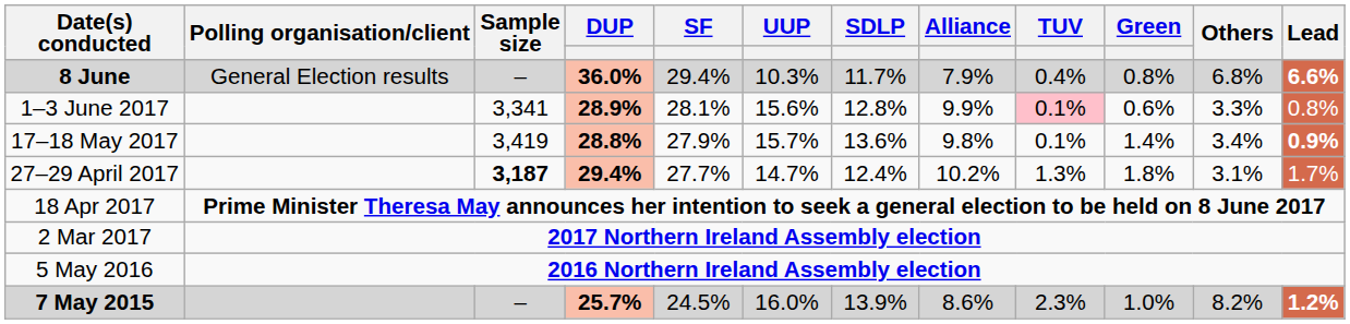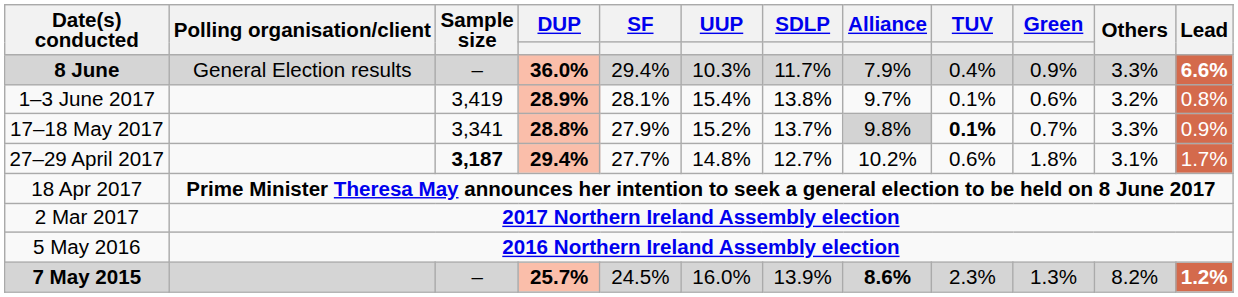 <table class="wikitable sortable mw-datatable" style="text-align:center;font-size:90%;line-height:14px;">
 <tr>
 <th rowspan="2">Date(s)<br>conducted</th>
 <th rowspan="2">Polling organisation/client</th>
 <th rowspan="2">Sample<br>size</th>
 <th style="width:50px;" class="unsortable"><a href='#'>DUP</a></th>
 <th style="width:50px;" class="unsortable"><a href='#'>SF</a></th>
 <th style="width:50px;" class="unsortable"><a href='#'>UUP</a></th>
 <th style="width:50px;" class="unsortable"><a href='#'>SDLP</a></th>
 <th style="width:50px;" class="unsortable"><a href='#'>Alliance</a></th>
 <th style="width:50px;" class="unsortable"><a href='#'>TUV</a></th>
 <th style="width:50px;" class="unsortable"><a href='#'>Green</a></th>
 <th style="width:50px;" rowspan="2" class="unsortable">Others</th>
 <th class="unsortable" style="width:20px;" rowspan="2">Lead</th>
 </tr>
 <tr>
 <th class="unsortable" style="color:inherit;background:"></th>
 <th class="unsortable" style="color:inherit;background:"></th>
 <th class="unsortable" style="color:inherit;background:"></th>
 <th class="unsortable" style="color:inherit;background:"></th>
 <th class="unsortable" style="color:inherit;background:"></th>
 <th class="unsortable" style="color:inherit;background:"></th>
 <th class="unsortable" style="color:inherit;background:"></th>
 </tr>
 <tr>
 <td style="background:#D5D5D5"><strong>8 June</strong></td>
 <td style="background:#D5D5D5">General Election results</td>
 <td style="background:#D5D5D5">–</td>
 <td style="background:#FABEAA"><strong>36.0%</strong></td>
 <td style="background:#D5D5D5">29.4%</td>
 <td style="background:#D5D5D5">10.3%</td>
 <td style="background:#D5D5D5">11.7%</td>
 <td style="background:#D5D5D5">7.9%</td>
 <td style="background:#D5D5D5">0.4%</td>
-<td style="background:#D5D5D5">0.8%</td>
-<td style="background:#D5D5D5">6.8%</td>
+<td style="background:#D5D5D5">0.9%</td>
+<td style="background:#D5D5D5">3.3%</td>
 <td style="background:#D46A4C; color:white;"><strong>6.6%</strong></td>
 </tr>
 <tr>
 <td>1–3 June 2017</td>
 <td></td>
-<td>3,341</td>
+<td>3,419</td>
 <td style="background:#FABEAA"><strong>28.9%</strong></td>
 <td>28.1%</td>
-<td>15.6%</td>
-<td>12.8%</td>
-<td>9.9%</td>
-<td style="background: pink;">0.1%</td>
+<td>15.4%</td>
+<td>13.8%</td>
+<td>9.7%</td>
+<td>0.1%</td>
 <td>0.6%</td>
-<td>3.3%</td>
+<td>3.2%</td>
 <td style="background:#D46A4C; color:white;">0.8%</td>
 </tr>
 <tr>
 <td>17–18 May 2017</td>
 <td></td>
-<td>3,419</td>
+<td>3,341</td>
 <td style="background:#FABEAA"><strong>28.8%</strong></td>
 <td>27.9%</td>
-<td>15.7%</td>
-<td>13.6%</td>
-<td>9.8%</td>
-<td>0.1%</td>
-<td>1.4%</td>
-<td>3.4%</td>
-<td style="background:#D46A4C; color:white;"><strong>0.9%</strong></td>
+<td>15.2%</td>
+<td>13.7%</td>
+<td style="background: lightgrey;">9.8%</td>
+<td><strong>0.1%</strong></td>
+<td>0.7%</td>
+<td>3.3%</td>
+<td style="background:#D46A4C; color:white;">0.9%</td>
 </tr>
 <tr>
 <td>27–29 April 2017</td>
 <td> </td>
 <td><strong>3,187</strong></td>
 <td style="background:#FABEAA"><strong>29.4%</strong></td>
 <td>27.7%</td>
-<td>14.7%</td>
-<td>12.4%</td>
+<td>14.8%</td>
+<td>12.7%</td>
 <td>10.2%</td>
-<td>1.3%</td>
+<td>0.6%</td>
 <td>1.8%</td>
 <td>3.1%</td>
 <td style="background:#D46A4C; color:white;">1.7%</td>
 </tr>
 <tr>
 <td>18 Apr 2017</td>
 <td colspan="11"><strong>Prime Minister <a href='#'>Theresa May</a> announces her intention to seek a general election to be held on 8 June 2017</strong></td>
 </tr>
 <tr>
 <td>2 Mar 2017</td>
 <td colspan="11"><strong><a href='#'>2017 Northern Ireland Assembly election</a></strong></td>
 </tr>
 <tr>
 <td>5 May 2016</td>
 <td colspan="11"><strong><a href='#'>2016 Northern Ireland Assembly election</a></strong></td>
 </tr>
 <tr>
 <td style="background:#D5D5D5"><strong>7 May 2015</strong></td>
 <td style="background:#D5D5D5"></td>
 <td style="background:#D5D5D5">–</td>
 <td style="background:#FABEAA"><strong>25.7%</strong></td>
 <td style="background:#D5D5D5">24.5%</td>
 <td style="background:#D5D5D5">16.0%</td>
 <td style="background:#D5D5D5">13.9%</td>
-<td style="background:#D5D5D5">8.6%</td>
+<td style="background:#D5D5D5"><strong>8.6%</strong></td>
 <td style="background:#D5D5D5">2.3%</td>
-<td style="background:#D5D5D5">1.0%</td>
+<td style="background:#D5D5D5">1.3%</td>
 <td style="background:#D5D5D5">8.2%</td>
 <td style="background:#D46A4C; color:white;"><strong>1.2%</strong></td>
 </tr>
 </table>
